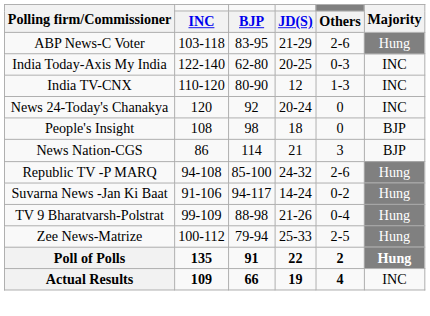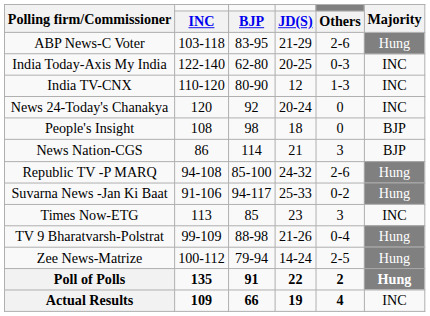 <table class="wikitable" style="text-align:center;font-size:95%;line-height:16px;">
 <tr>
 <th rowspan="2" class="wikitable">Polling firm/Commissioner</th>
 <td></td>
 <td></td>
 <td></td>
 <td style="background:gray;"></td>
 <th rowspan="2">Majority</th>
 </tr>
 <tr>
 <th><a href='#'>INC</a></th>
 <th><a href='#'>BJP</a></th>
 <th><a href='#'>JD(S)</a></th>
 <th>Others</th>
 </tr>
 <tr>
 <td>ABP News-C Voter</td>
 <td style="background:">103-118</td>
 <td>83-95</td>
 <td>21-29</td>
 <td>2-6</td>
 <td style="background:gray; color:white;">Hung</td>
 </tr>
 <tr>
 <td>India Today-Axis My India</td>
 <td style="background:">122-140</td>
 <td>62-80</td>
 <td>20-25</td>
 <td>0-3</td>
 <td style="background:">INC</td>
 </tr>
 <tr>
 <td>India TV-CNX</td>
 <td style="background:">110-120</td>
 <td>80-90</td>
 <td>12</td>
 <td>1-3</td>
 <td style="background:">INC</td>
 </tr>
 <tr>
 <td>News 24-Today's Chanakya</td>
 <td style="background:">120</td>
 <td>92</td>
 <td>20-24</td>
 <td>0</td>
 <td style="background:">INC</td>
 </tr>
 <tr>
 <td>People's Insight</td>
 <td>108</td>
 <td>98</td>
 <td>18</td>
 <td>0</td>
 <td style="background:">BJP</td>
 </tr>
 <tr>
 <td>News Nation-CGS</td>
 <td>86</td>
 <td style="background:">114</td>
 <td>21</td>
 <td>3</td>
 <td style="background:">BJP</td>
 </tr>
 <tr>
 <td>Republic TV -P MARQ</td>
 <td style="background:">94-108</td>
 <td>85-100</td>
 <td>24-32</td>
 <td>2-6</td>
 <td style="background:gray; color:white;">Hung</td>
 </tr>
 <tr>
 <td>Suvarna News -Jan Ki Baat</td>
 <td>91-106</td>
 <td style="background:">94-117</td>
-<td>14-24</td>
+<td>25-33</td>
 <td>0-2</td>
 <td style="background:gray; color:white;">Hung</td>
+</tr>
+<tr>
+<td>Times Now-ETG</td>
+<td style="background:">113</td>
+<td>85</td>
+<td>23</td>
+<td>3</td>
+<td style="background:">INC</td>
 </tr>
 <tr>
 <td>TV 9 Bharatvarsh-Polstrat</td>
 <td style="background:">99-109</td>
 <td>88-98</td>
 <td>21-26</td>
 <td>0-4</td>
 <td style="background:gray; color:white;">Hung</td>
 </tr>
 <tr>
 <td>Zee News-Matrize</td>
 <td style="background:">100-112</td>
 <td>79-94</td>
-<td>25-33</td>
+<td>14-24</td>
 <td>2-5</td>
 <td style="background:gray; color:white;">Hung</td>
 </tr>
 <tr>
 <th>Poll of Polls</th>
 <td style="background:"><strong>135</strong></td>
 <td><strong>91</strong></td>
 <td><strong>22</strong></td>
 <td><strong>2</strong></td>
 <td style="background:gray; color:white;"><strong>Hung</strong></td>
 </tr>
 <tr>
 <th><strong>Actual Results</strong></th>
 <td style="background:"><strong>109</strong></td>
 <td><strong>66</strong></td>
 <td><strong>19</strong></td>
 <td><strong>4</strong></td>
 <td style="background:">INC</td>
 </tr>
 </table>
